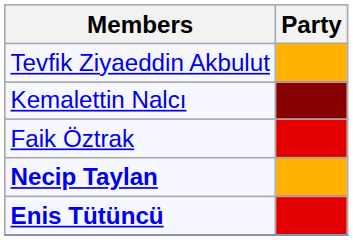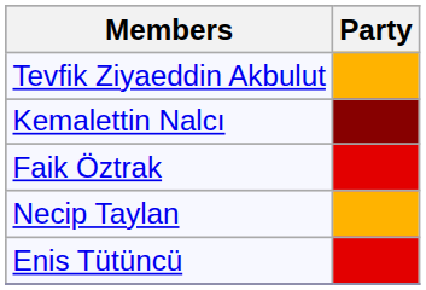 <table class=wikitable style="border:1px solid #8888aa; background-color:#f7f8ff; padding:0px; font-size:90%;">
 <tr>
 <th>Members</th>
 <th colspan="2">Party</th>
 </tr>
 <tr>
 <td><a href='#'>Tevfik Ziyaeddin Akbulut</a></td>
 <td style="background: #ffb300"></td>
 </tr>
 <tr>
 <td><a href='#'>Kemalettin Nalcı</a></td>
 <td style="background: #870000"></td>
 </tr>
 <tr>
 <td><a href='#'>Faik Öztrak</a></td>
 <td style="background: #e30000"></td>
 </tr>
 <tr>
-<td><strong><a href='#'>Necip Taylan</a></strong></td>
+<td><a href='#'>Necip Taylan</a></td>
 <td style="background: #ffb300"></td>
 </tr>
 <tr>
-<td><strong><a href='#'>Enis Tütüncü</a></strong></td>
+<td><a href='#'>Enis Tütüncü</a></td>
 <td style="background: #e30000"></td>
 </tr>
 <tr>
 </tr>
 </table>
